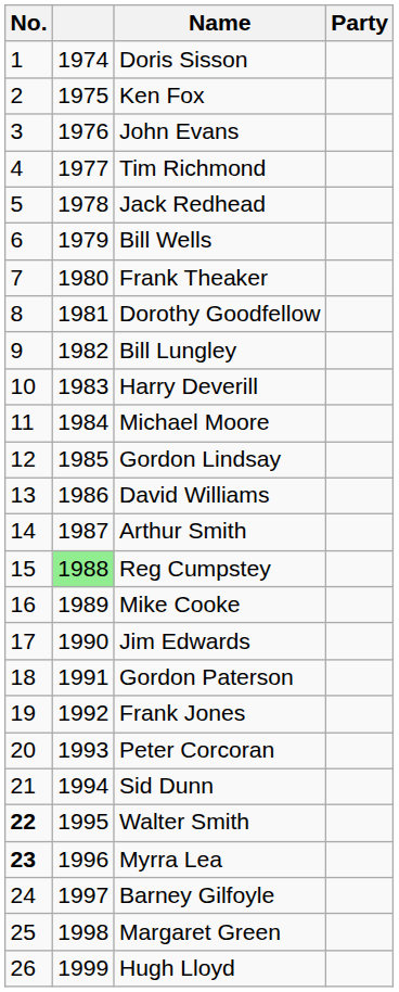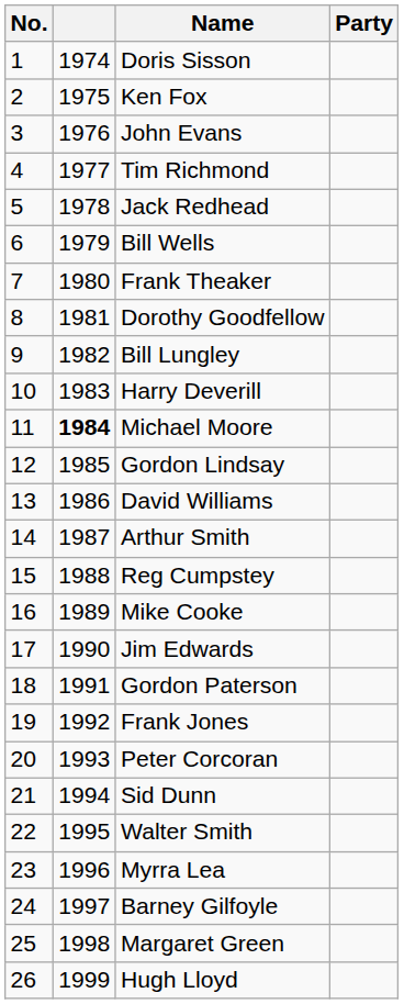 <table class="wikitable sortable">
 <tr>
 <th>No.</th>
 <th></th>
 <th>Name</th>
 <th colspan="2">Party</th>
 </tr>
 <tr>
 <td>1</td>
 <td>1974</td>
 <td>Doris Sisson</td>
 <td></td>
 </tr>
 <tr>
 <td>2</td>
 <td>1975</td>
 <td>Ken Fox</td>
 <td></td>
 </tr>
 <tr>
 <td>3</td>
 <td>1976</td>
 <td>John Evans</td>
 <td></td>
 </tr>
 <tr>
 <td>4</td>
 <td>1977</td>
 <td>Tim Richmond</td>
 <td></td>
 </tr>
 <tr>
 <td>5</td>
 <td>1978</td>
 <td>Jack Redhead</td>
 <td></td>
 </tr>
 <tr>
 <td>6</td>
 <td>1979</td>
 <td>Bill Wells</td>
 <td></td>
 </tr>
 <tr>
 <td>7</td>
 <td>1980</td>
 <td>Frank Theaker</td>
 <td></td>
 </tr>
 <tr>
 <td>8</td>
 <td>1981</td>
 <td>Dorothy Goodfellow</td>
 <td></td>
 </tr>
 <tr>
 <td>9</td>
 <td>1982</td>
 <td>Bill Lungley</td>
 <td></td>
 </tr>
 <tr>
 <td>10</td>
 <td>1983</td>
 <td>Harry Deverill</td>
 <td></td>
 </tr>
 <tr>
 <td>11</td>
-<td>1984</td>
+<td><strong>1984</strong></td>
 <td>Michael Moore</td>
 <td></td>
 </tr>
 <tr>
 <td>12</td>
 <td>1985</td>
 <td>Gordon Lindsay</td>
 <td></td>
 </tr>
 <tr>
 <td>13</td>
 <td>1986</td>
 <td>David Williams</td>
 <td></td>
 </tr>
 <tr>
 <td>14</td>
 <td>1987</td>
 <td>Arthur Smith</td>
 <td></td>
 </tr>
 <tr>
 <td>15</td>
-<td style="background: lightgreen;">1988</td>
+<td>1988</td>
 <td>Reg Cumpstey</td>
 <td></td>
 </tr>
 <tr>
 <td>16</td>
 <td>1989</td>
 <td>Mike Cooke</td>
 <td></td>
 </tr>
 <tr>
 <td>17</td>
 <td>1990</td>
 <td>Jim Edwards</td>
 <td></td>
 </tr>
 <tr>
 <td>18</td>
 <td>1991</td>
 <td>Gordon Paterson</td>
 <td></td>
 </tr>
 <tr>
 <td>19</td>
 <td>1992</td>
 <td>Frank Jones</td>
 <td></td>
 </tr>
 <tr>
 <td>20</td>
 <td>1993</td>
 <td>Peter Corcoran</td>
 <td></td>
 </tr>
 <tr>
 <td>21</td>
 <td>1994</td>
 <td>Sid Dunn</td>
 <td></td>
 </tr>
 <tr>
-<td><strong>22</strong></td>
+<td>22</td>
 <td>1995</td>
 <td>Walter Smith</td>
 <td></td>
 </tr>
 <tr>
-<td><strong>23</strong></td>
+<td>23</td>
 <td>1996</td>
 <td>Myrra Lea</td>
 <td></td>
 </tr>
 <tr>
 <td>24</td>
 <td>1997</td>
 <td>Barney Gilfoyle</td>
 <td></td>
 </tr>
 <tr>
 <td>25</td>
 <td>1998</td>
 <td>Margaret Green</td>
 <td></td>
 </tr>
 <tr>
 <td>26</td>
 <td>1999</td>
 <td>Hugh Lloyd</td>
 <td></td>
 </tr>
 </table>
